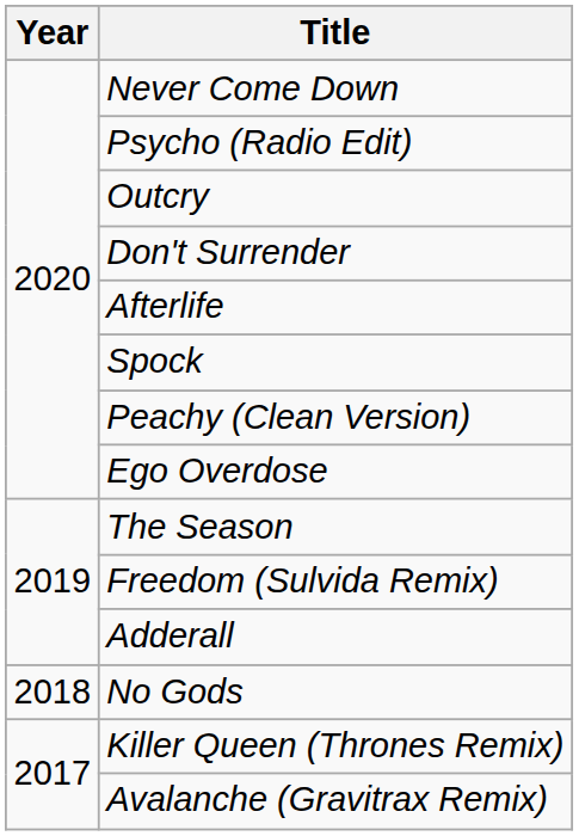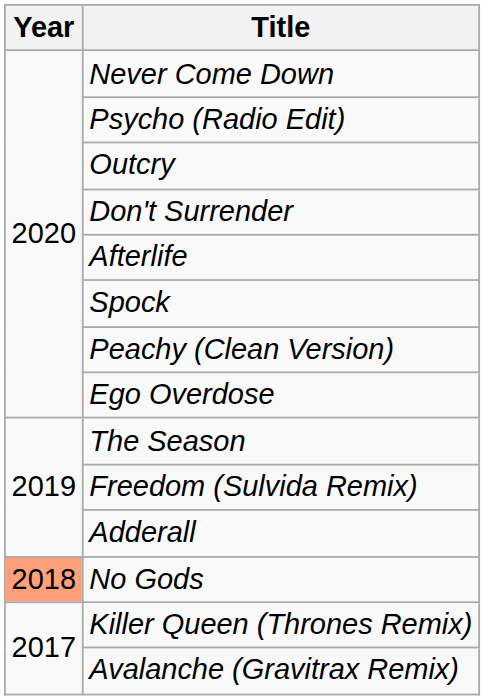 <table class="wikitable sortable">
 <tr>
 <th>Year</th>
 <th>Title</th>
 </tr>
 <tr>
 <td rowspan="8">2020</td>
 <td><em>Never Come Down</em> </td>
 </tr>
 <tr>
 <td><em>Psycho (Radio Edit)</em> </td>
 </tr>
 <tr>
 <td><em>Outcry</em> </td>
 </tr>
 <tr>
 <td><em>Don't Surrender</em> </td>
 </tr>
 <tr>
 <td><em>Afterlife</em> </td>
 </tr>
 <tr>
 <td><em>Spock</em> </td>
 </tr>
 <tr>
 <td><em>Peachy (Clean Version)</em> </td>
 </tr>
 <tr>
 <td><em>Ego Overdose</em> </td>
 </tr>
 <tr>
 <td rowspan="3">2019</td>
 <td><em>The Season</em> </td>
 </tr>
 <tr>
 <td><em>Freedom (Sulvida Remix)</em> </td>
 </tr>
 <tr>
 <td><em>Adderall</em> </td>
 </tr>
 <tr>
-<td>2018</td>
+<td style="background: lightsalmon;">2018</td>
 <td><em>No Gods</em> </td>
 </tr>
 <tr>
 <td rowspan="2">2017</td>
 <td><em>Killer Queen (Thrones Remix)</em> </td>
 </tr>
 <tr>
 <td><em>Avalanche (Gravitrax Remix)</em> </td>
 </tr>
 </table>
